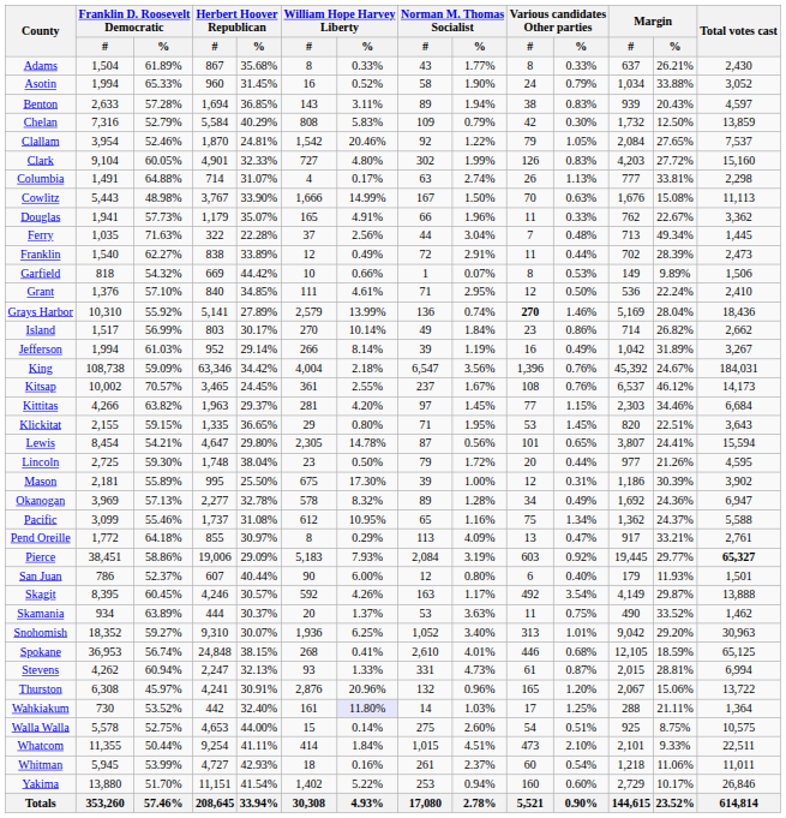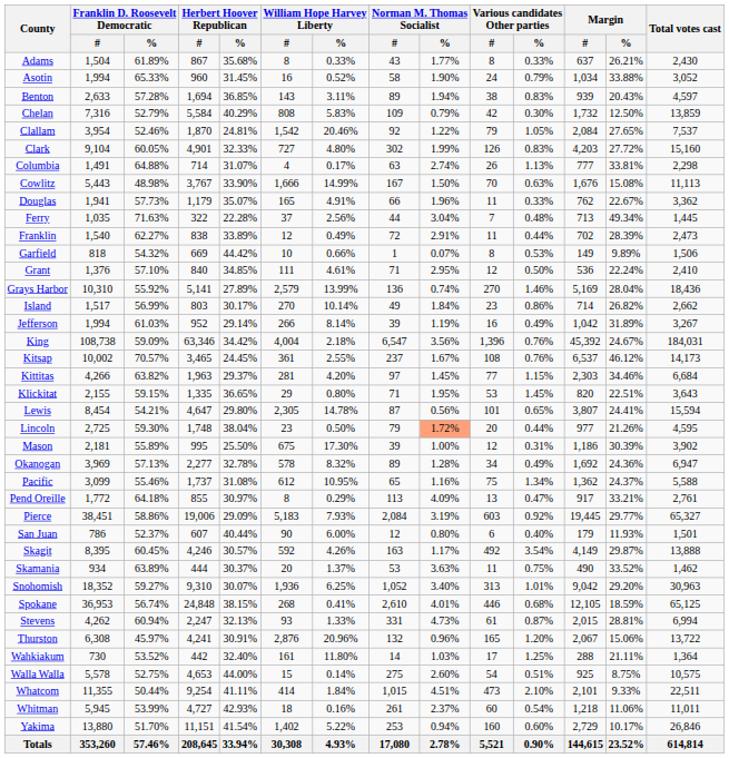 <table class="wikitable sortable" style="text-align:center">
 <tr>
 <th rowspan="2" style="text-align:center;">County</th>
 <th colspan="2" style="text-align:center;"><a href='#'>Franklin D. Roosevelt</a><br>Democratic</th>
 <th colspan="2" style="text-align:center;"><a href='#'>Herbert Hoover</a><br>Republican</th>
 <th colspan="2" style="text-align:center;"><a href='#'>William Hope Harvey</a><br>Liberty</th>
 <th colspan="2" style="text-align:center;"><a href='#'>Norman M. Thomas</a><br>Socialist</th>
 <th colspan="2" style="text-align:center;">Various candidates<br>Other parties</th>
 <th colspan="2" style="text-align:center;">Margin</th>
 <th rowspan="2" style="text-align:center;">Total votes cast</th>
 </tr>
 <tr>
 <th style="text-align:center;" data-sort-type="number">#</th>
 <th style="text-align:center;" data-sort-type="number">%</th>
 <th style="text-align:center;" data-sort-type="number">#</th>
 <th style="text-align:center;" data-sort-type="number">%</th>
 <th style="text-align:center;" data-sort-type="number">#</th>
 <th style="text-align:center;" data-sort-type="number">%</th>
 <th style="text-align:center;" data-sort-type="number">#</th>
 <th style="text-align:center;" data-sort-type="number">%</th>
 <th style="text-align:center;" data-sort-type="number">#</th>
 <th style="text-align:center;" data-sort-type="number">%</th>
 <th style="text-align:center;" data-sort-type="number">#</th>
 <th style="text-align:center;" data-sort-type="number">%</th>
 </tr>
 <tr style="text-align:center;">
 <td><a href='#'>Adams</a></td>
 <td>1,504</td>
 <td>61.89%</td>
 <td>867</td>
 <td>35.68%</td>
 <td>8</td>
 <td>0.33%</td>
 <td>43</td>
 <td>1.77%</td>
 <td>8</td>
 <td>0.33%</td>
 <td>637</td>
 <td>26.21%</td>
 <td>2,430</td>
 </tr>
 <tr style="text-align:center;">
 <td><a href='#'>Asotin</a></td>
 <td>1,994</td>
 <td>65.33%</td>
 <td>960</td>
 <td>31.45%</td>
 <td>16</td>
 <td>0.52%</td>
 <td>58</td>
 <td>1.90%</td>
 <td>24</td>
 <td>0.79%</td>
 <td>1,034</td>
 <td>33.88%</td>
 <td>3,052</td>
 </tr>
 <tr style="text-align:center;">
 <td><a href='#'>Benton</a></td>
 <td>2,633</td>
 <td>57.28%</td>
 <td>1,694</td>
 <td>36.85%</td>
 <td>143</td>
 <td>3.11%</td>
 <td>89</td>
 <td>1.94%</td>
 <td>38</td>
 <td>0.83%</td>
 <td>939</td>
 <td>20.43%</td>
 <td>4,597</td>
 </tr>
 <tr style="text-align:center;">
 <td><a href='#'>Chelan</a></td>
 <td>7,316</td>
 <td>52.79%</td>
 <td>5,584</td>
 <td>40.29%</td>
 <td>808</td>
 <td>5.83%</td>
 <td>109</td>
 <td>0.79%</td>
 <td>42</td>
 <td>0.30%</td>
 <td>1,732</td>
 <td>12.50%</td>
 <td>13,859</td>
 </tr>
 <tr style="text-align:center;">
 <td><a href='#'>Clallam</a></td>
 <td>3,954</td>
 <td>52.46%</td>
 <td>1,870</td>
 <td>24.81%</td>
 <td>1,542</td>
 <td>20.46%</td>
 <td>92</td>
 <td>1.22%</td>
 <td>79</td>
 <td>1.05%</td>
 <td>2,084</td>
 <td>27.65%</td>
 <td>7,537</td>
 </tr>
 <tr style="text-align:center;">
 <td><a href='#'>Clark</a></td>
 <td>9,104</td>
 <td>60.05%</td>
 <td>4,901</td>
 <td>32.33%</td>
 <td>727</td>
 <td>4.80%</td>
 <td>302</td>
 <td>1.99%</td>
 <td>126</td>
 <td>0.83%</td>
 <td>4,203</td>
 <td>27.72%</td>
 <td>15,160</td>
 </tr>
 <tr style="text-align:center;">
 <td><a href='#'>Columbia</a></td>
 <td>1,491</td>
 <td>64.88%</td>
 <td>714</td>
 <td>31.07%</td>
 <td>4</td>
 <td>0.17%</td>
 <td>63</td>
 <td>2.74%</td>
 <td>26</td>
 <td>1.13%</td>
 <td>777</td>
 <td>33.81%</td>
 <td>2,298</td>
 </tr>
 <tr style="text-align:center;">
 <td><a href='#'>Cowlitz</a></td>
 <td>5,443</td>
 <td>48.98%</td>
 <td>3,767</td>
 <td>33.90%</td>
 <td>1,666</td>
 <td>14.99%</td>
 <td>167</td>
 <td>1.50%</td>
 <td>70</td>
 <td>0.63%</td>
 <td>1,676</td>
 <td>15.08%</td>
 <td>11,113</td>
 </tr>
 <tr style="text-align:center;">
 <td><a href='#'>Douglas</a></td>
 <td>1,941</td>
 <td>57.73%</td>
 <td>1,179</td>
 <td>35.07%</td>
 <td>165</td>
 <td>4.91%</td>
 <td>66</td>
 <td>1.96%</td>
 <td>11</td>
 <td>0.33%</td>
 <td>762</td>
 <td>22.67%</td>
 <td>3,362</td>
 </tr>
 <tr style="text-align:center;">
 <td><a href='#'>Ferry</a></td>
 <td>1,035</td>
 <td>71.63%</td>
 <td>322</td>
 <td>22.28%</td>
 <td>37</td>
 <td>2.56%</td>
 <td>44</td>
 <td>3.04%</td>
 <td>7</td>
 <td>0.48%</td>
 <td>713</td>
 <td>49.34%</td>
 <td>1,445</td>
 </tr>
 <tr style="text-align:center;">
 <td><a href='#'>Franklin</a></td>
 <td>1,540</td>
 <td>62.27%</td>
 <td>838</td>
 <td>33.89%</td>
 <td>12</td>
 <td>0.49%</td>
 <td>72</td>
 <td>2.91%</td>
 <td>11</td>
 <td>0.44%</td>
 <td>702</td>
 <td>28.39%</td>
 <td>2,473</td>
 </tr>
 <tr style="text-align:center;">
 <td><a href='#'>Garfield</a></td>
 <td>818</td>
 <td>54.32%</td>
 <td>669</td>
 <td>44.42%</td>
 <td>10</td>
 <td>0.66%</td>
 <td>1</td>
 <td>0.07%</td>
 <td>8</td>
 <td>0.53%</td>
 <td>149</td>
 <td>9.89%</td>
 <td>1,506</td>
 </tr>
 <tr style="text-align:center;">
 <td><a href='#'>Grant</a></td>
 <td>1,376</td>
 <td>57.10%</td>
 <td>840</td>
 <td>34.85%</td>
 <td>111</td>
 <td>4.61%</td>
 <td>71</td>
 <td>2.95%</td>
 <td>12</td>
 <td>0.50%</td>
 <td>536</td>
 <td>22.24%</td>
 <td>2,410</td>
 </tr>
 <tr style="text-align:center;">
 <td><a href='#'>Grays Harbor</a></td>
 <td>10,310</td>
 <td>55.92%</td>
 <td>5,141</td>
 <td>27.89%</td>
 <td>2,579</td>
 <td>13.99%</td>
 <td>136</td>
 <td>0.74%</td>
-<td><strong>270</strong></td>
+<td>270</td>
 <td>1.46%</td>
 <td>5,169</td>
 <td>28.04%</td>
 <td>18,436</td>
 </tr>
 <tr style="text-align:center;">
 <td><a href='#'>Island</a></td>
 <td>1,517</td>
 <td>56.99%</td>
 <td>803</td>
 <td>30.17%</td>
 <td>270</td>
 <td>10.14%</td>
 <td>49</td>
 <td>1.84%</td>
 <td>23</td>
 <td>0.86%</td>
 <td>714</td>
 <td>26.82%</td>
 <td>2,662</td>
 </tr>
 <tr style="text-align:center;">
 <td><a href='#'>Jefferson</a></td>
 <td>1,994</td>
 <td>61.03%</td>
 <td>952</td>
 <td>29.14%</td>
 <td>266</td>
 <td>8.14%</td>
 <td>39</td>
 <td>1.19%</td>
 <td>16</td>
 <td>0.49%</td>
 <td>1,042</td>
 <td>31.89%</td>
 <td>3,267</td>
 </tr>
 <tr style="text-align:center;">
 <td><a href='#'>King</a></td>
 <td>108,738</td>
 <td>59.09%</td>
 <td>63,346</td>
 <td>34.42%</td>
 <td>4,004</td>
 <td>2.18%</td>
 <td>6,547</td>
 <td>3.56%</td>
 <td>1,396</td>
 <td>0.76%</td>
 <td>45,392</td>
 <td>24.67%</td>
 <td>184,031</td>
 </tr>
 <tr style="text-align:center;">
 <td><a href='#'>Kitsap</a></td>
 <td>10,002</td>
 <td>70.57%</td>
 <td>3,465</td>
 <td>24.45%</td>
 <td>361</td>
 <td>2.55%</td>
 <td>237</td>
 <td>1.67%</td>
 <td>108</td>
 <td>0.76%</td>
 <td>6,537</td>
 <td>46.12%</td>
 <td>14,173</td>
 </tr>
 <tr style="text-align:center;">
 <td><a href='#'>Kittitas</a></td>
 <td>4,266</td>
 <td>63.82%</td>
 <td>1,963</td>
 <td>29.37%</td>
 <td>281</td>
 <td>4.20%</td>
 <td>97</td>
 <td>1.45%</td>
 <td>77</td>
 <td>1.15%</td>
 <td>2,303</td>
 <td>34.46%</td>
 <td>6,684</td>
 </tr>
 <tr style="text-align:center;">
 <td><a href='#'>Klickitat</a></td>
 <td>2,155</td>
 <td>59.15%</td>
 <td>1,335</td>
 <td>36.65%</td>
 <td>29</td>
 <td>0.80%</td>
 <td>71</td>
 <td>1.95%</td>
 <td>53</td>
 <td>1.45%</td>
 <td>820</td>
 <td>22.51%</td>
 <td>3,643</td>
 </tr>
 <tr style="text-align:center;">
 <td><a href='#'>Lewis</a></td>
 <td>8,454</td>
 <td>54.21%</td>
 <td>4,647</td>
 <td>29.80%</td>
 <td>2,305</td>
 <td>14.78%</td>
 <td>87</td>
 <td>0.56%</td>
 <td>101</td>
 <td>0.65%</td>
 <td>3,807</td>
 <td>24.41%</td>
 <td>15,594</td>
 </tr>
 <tr style="text-align:center;">
 <td><a href='#'>Lincoln</a></td>
 <td>2,725</td>
 <td>59.30%</td>
 <td>1,748</td>
 <td>38.04%</td>
 <td>23</td>
 <td>0.50%</td>
 <td>79</td>
-<td>1.72%</td>
+<td style="background: lightsalmon;">1.72%</td>
 <td>20</td>
 <td>0.44%</td>
 <td>977</td>
 <td>21.26%</td>
 <td>4,595</td>
 </tr>
 <tr style="text-align:center;">
 <td><a href='#'>Mason</a></td>
 <td>2,181</td>
 <td>55.89%</td>
 <td>995</td>
 <td>25.50%</td>
 <td>675</td>
 <td>17.30%</td>
 <td>39</td>
 <td>1.00%</td>
 <td>12</td>
 <td>0.31%</td>
 <td>1,186</td>
 <td>30.39%</td>
 <td>3,902</td>
 </tr>
 <tr style="text-align:center;">
 <td><a href='#'>Okanogan</a></td>
 <td>3,969</td>
 <td>57.13%</td>
 <td>2,277</td>
 <td>32.78%</td>
 <td>578</td>
 <td>8.32%</td>
 <td>89</td>
 <td>1.28%</td>
 <td>34</td>
 <td>0.49%</td>
 <td>1,692</td>
 <td>24.36%</td>
 <td>6,947</td>
 </tr>
 <tr style="text-align:center;">
 <td><a href='#'>Pacific</a></td>
 <td>3,099</td>
 <td>55.46%</td>
 <td>1,737</td>
 <td>31.08%</td>
 <td>612</td>
 <td>10.95%</td>
 <td>65</td>
 <td>1.16%</td>
 <td>75</td>
 <td>1.34%</td>
 <td>1,362</td>
 <td>24.37%</td>
 <td>5,588</td>
 </tr>
 <tr style="text-align:center;">
 <td><a href='#'>Pend Oreille</a></td>
 <td>1,772</td>
 <td>64.18%</td>
 <td>855</td>
 <td>30.97%</td>
 <td>8</td>
 <td>0.29%</td>
 <td>113</td>
 <td>4.09%</td>
 <td>13</td>
 <td>0.47%</td>
 <td>917</td>
 <td>33.21%</td>
 <td>2,761</td>
 </tr>
 <tr style="text-align:center;">
 <td><a href='#'>Pierce</a></td>
 <td>38,451</td>
 <td>58.86%</td>
 <td>19,006</td>
 <td>29.09%</td>
 <td>5,183</td>
 <td>7.93%</td>
 <td>2,084</td>
 <td>3.19%</td>
 <td>603</td>
 <td>0.92%</td>
 <td>19,445</td>
 <td>29.77%</td>
-<td><strong>65,327</strong></td>
+<td>65,327</td>
 </tr>
 <tr style="text-align:center;">
 <td><a href='#'>San Juan</a></td>
 <td>786</td>
 <td>52.37%</td>
 <td>607</td>
 <td>40.44%</td>
 <td>90</td>
 <td>6.00%</td>
 <td>12</td>
 <td>0.80%</td>
 <td>6</td>
 <td>0.40%</td>
 <td>179</td>
 <td>11.93%</td>
 <td>1,501</td>
 </tr>
 <tr style="text-align:center;">
 <td><a href='#'>Skagit</a></td>
 <td>8,395</td>
 <td>60.45%</td>
 <td>4,246</td>
 <td>30.57%</td>
 <td>592</td>
 <td>4.26%</td>
 <td>163</td>
 <td>1.17%</td>
 <td>492</td>
 <td>3.54%</td>
 <td>4,149</td>
 <td>29.87%</td>
 <td>13,888</td>
 </tr>
 <tr style="text-align:center;">
 <td><a href='#'>Skamania</a></td>
 <td>934</td>
 <td>63.89%</td>
 <td>444</td>
 <td>30.37%</td>
 <td>20</td>
 <td>1.37%</td>
 <td>53</td>
 <td>3.63%</td>
 <td>11</td>
 <td>0.75%</td>
 <td>490</td>
 <td>33.52%</td>
 <td>1,462</td>
 </tr>
 <tr style="text-align:center;">
 <td><a href='#'>Snohomish</a></td>
 <td>18,352</td>
 <td>59.27%</td>
 <td>9,310</td>
 <td>30.07%</td>
 <td>1,936</td>
 <td>6.25%</td>
 <td>1,052</td>
 <td>3.40%</td>
 <td>313</td>
 <td>1.01%</td>
 <td>9,042</td>
 <td>29.20%</td>
 <td>30,963</td>
 </tr>
 <tr style="text-align:center;">
 <td><a href='#'>Spokane</a></td>
 <td>36,953</td>
 <td>56.74%</td>
 <td>24,848</td>
 <td>38.15%</td>
 <td>268</td>
 <td>0.41%</td>
 <td>2,610</td>
 <td>4.01%</td>
 <td>446</td>
 <td>0.68%</td>
 <td>12,105</td>
 <td>18.59%</td>
 <td>65,125</td>
 </tr>
 <tr style="text-align:center;">
 <td><a href='#'>Stevens</a></td>
 <td>4,262</td>
 <td>60.94%</td>
 <td>2,247</td>
 <td>32.13%</td>
 <td>93</td>
 <td>1.33%</td>
 <td>331</td>
 <td>4.73%</td>
 <td>61</td>
 <td>0.87%</td>
 <td>2,015</td>
 <td>28.81%</td>
 <td>6,994</td>
 </tr>
 <tr style="text-align:center;">
 <td><a href='#'>Thurston</a></td>
 <td>6,308</td>
 <td>45.97%</td>
 <td>4,241</td>
 <td>30.91%</td>
 <td>2,876</td>
 <td>20.96%</td>
 <td>132</td>
 <td>0.96%</td>
 <td>165</td>
 <td>1.20%</td>
 <td>2,067</td>
 <td>15.06%</td>
 <td>13,722</td>
 </tr>
 <tr style="text-align:center;">
 <td><a href='#'>Wahkiakum</a></td>
 <td>730</td>
 <td>53.52%</td>
 <td>442</td>
 <td>32.40%</td>
 <td>161</td>
-<td style="background: lavender;">11.80%</td>
+<td>11.80%</td>
 <td>14</td>
 <td>1.03%</td>
 <td>17</td>
 <td>1.25%</td>
 <td>288</td>
 <td>21.11%</td>
 <td>1,364</td>
 </tr>
 <tr style="text-align:center;">
 <td><a href='#'>Walla Walla</a></td>
 <td>5,578</td>
 <td>52.75%</td>
 <td>4,653</td>
 <td>44.00%</td>
 <td>15</td>
 <td>0.14%</td>
 <td>275</td>
 <td>2.60%</td>
 <td>54</td>
 <td>0.51%</td>
 <td>925</td>
 <td>8.75%</td>
 <td>10,575</td>
 </tr>
 <tr style="text-align:center;">
 <td><a href='#'>Whatcom</a></td>
 <td>11,355</td>
 <td>50.44%</td>
 <td>9,254</td>
 <td>41.11%</td>
 <td>414</td>
 <td>1.84%</td>
 <td>1,015</td>
 <td>4.51%</td>
 <td>473</td>
 <td>2.10%</td>
 <td>2,101</td>
 <td>9.33%</td>
 <td>22,511</td>
 </tr>
 <tr style="text-align:center;">
 <td><a href='#'>Whitman</a></td>
 <td>5,945</td>
 <td>53.99%</td>
 <td>4,727</td>
 <td>42.93%</td>
 <td>18</td>
 <td>0.16%</td>
 <td>261</td>
 <td>2.37%</td>
 <td>60</td>
 <td>0.54%</td>
 <td>1,218</td>
 <td>11.06%</td>
 <td>11,011</td>
 </tr>
 <tr style="text-align:center;">
 <td><a href='#'>Yakima</a></td>
 <td>13,880</td>
 <td>51.70%</td>
 <td>11,151</td>
 <td>41.54%</td>
 <td>1,402</td>
 <td>5.22%</td>
 <td>253</td>
 <td>0.94%</td>
 <td>160</td>
 <td>0.60%</td>
 <td>2,729</td>
 <td>10.17%</td>
 <td>26,846</td>
 </tr>
 <tr style="text-align:center;">
 <th>Totals</th>
 <th>353,260</th>
 <th>57.46%</th>
 <th>208,645</th>
 <th>33.94%</th>
 <th>30,308</th>
 <th>4.93%</th>
 <th>17,080</th>
 <th>2.78%</th>
 <th>5,521</th>
 <th>0.90%</th>
 <th>144,615</th>
 <th>23.52%</th>
 <th>614,814</th>
 </tr>
 </table>
